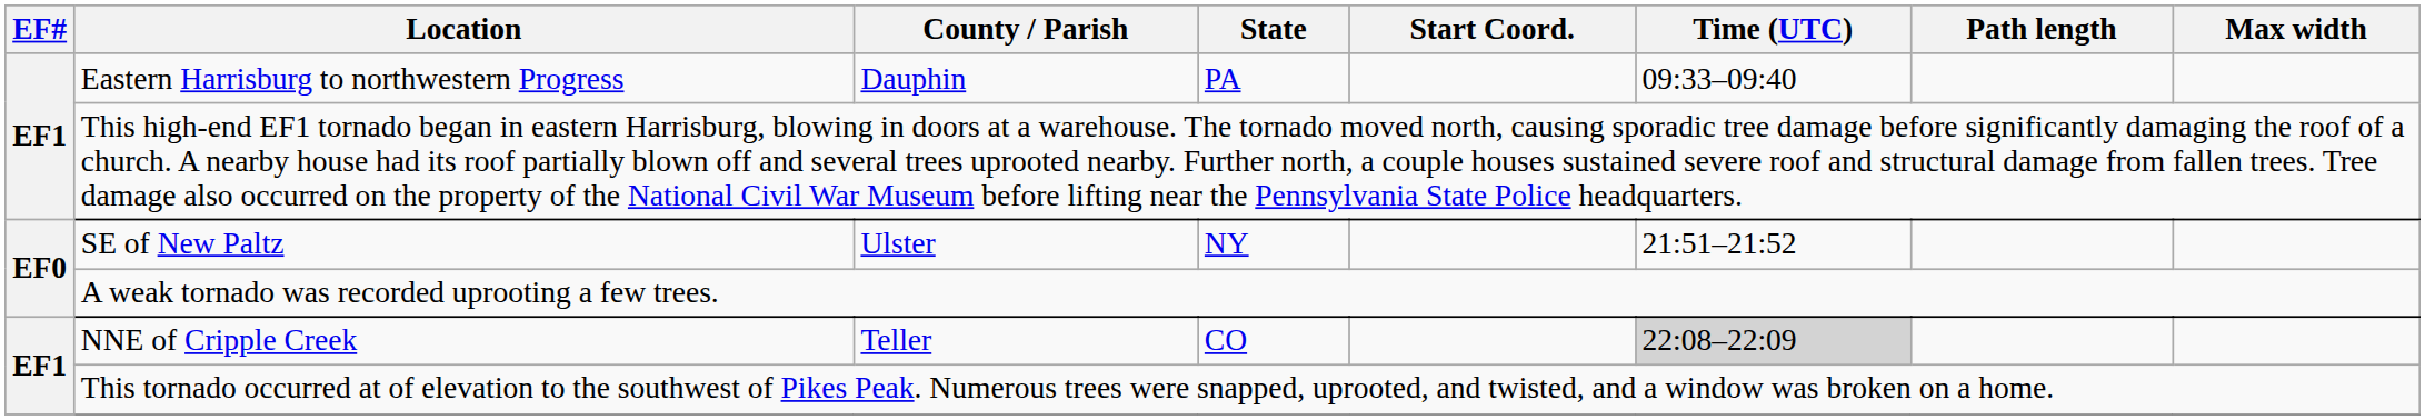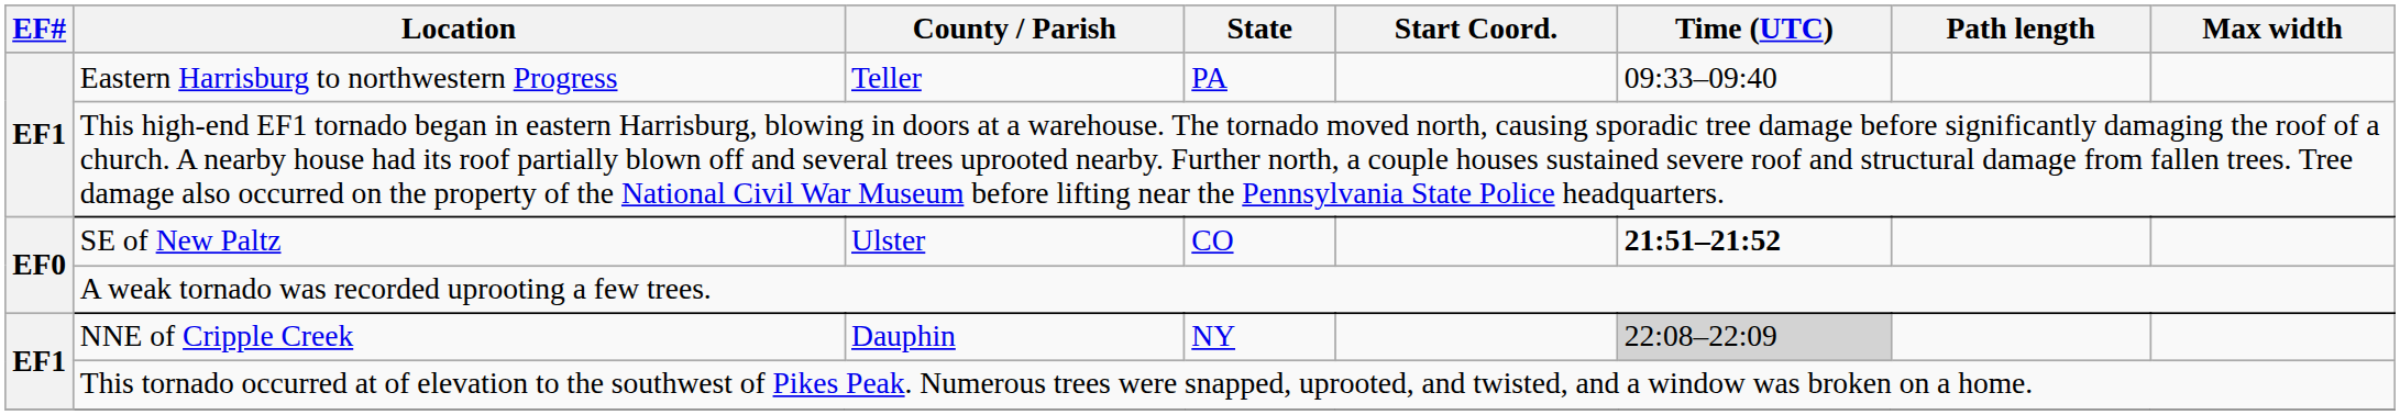 <table class="wikitable sortable" style="width:100%;">
 <tr>
 <th scope="col" width="2%" align="center"><a href='#'>EF#</a></th>
 <th scope="col" align="center" class="unsortable">Location</th>
 <th scope="col" align="center" class="unsortable">County / Parish</th>
 <th scope="col" align="center">State</th>
 <th scope="col" align="center">Start Coord.</th>
 <th scope="col" align="center">Time (<a href='#'>UTC</a>)</th>
 <th scope="col" align="center">Path length</th>
 <th scope="col" align="center">Max width</th>
 </tr>
 <tr>
 <th scope="row" rowspan="2" style="background-color:#">EF1</th>
 <td>Eastern <a href='#'>Harrisburg</a> to northwestern <a href='#'>Progress</a></td>
-<td><a href='#'>Dauphin</a></td>
+<td><a href='#'>Teller</a></td>
 <td><a href='#'>PA</a></td>
 <td></td>
 <td>09:33–09:40</td>
 <td></td>
 <td></td>
 </tr>
 <tr class="expand-child">
 <td colspan="8" style=" border-bottom: 1px solid black;">This high-end EF1 tornado began in eastern Harrisburg, blowing in doors at a warehouse. The tornado moved north, causing sporadic tree damage before significantly damaging the roof of a church. A nearby house had its roof partially blown off and several trees uprooted nearby. Further north, a couple houses sustained severe roof and structural damage from fallen trees. Tree damage also occurred on the property of the <a href='#'>National Civil War Museum</a> before lifting near the <a href='#'>Pennsylvania State Police</a> headquarters.</td>
 </tr>
 <tr>
 <th scope="row" rowspan="2" style="background-color:#">EF0</th>
 <td>SE of <a href='#'>New Paltz</a></td>
 <td><a href='#'>Ulster</a></td>
-<td><a href='#'>NY</a></td>
+<td><a href='#'>CO</a></td>
 <td></td>
-<td>21:51–21:52</td>
+<td><strong>21:51–21:52</strong></td>
 <td></td>
 <td></td>
 </tr>
 <tr class="expand-child">
 <td colspan="8" style=" border-bottom: 1px solid black;">A weak tornado was recorded uprooting a few trees.</td>
 </tr>
 <tr>
 <th scope="row" rowspan="2" style="background-color:#">EF1</th>
 <td>NNE of <a href='#'>Cripple Creek</a></td>
-<td><a href='#'>Teller</a></td>
-<td><a href='#'>CO</a></td>
+<td><a href='#'>Dauphin</a></td>
+<td><a href='#'>NY</a></td>
 <td></td>
 <td style="background: lightgrey;">22:08–22:09</td>
 <td></td>
 <td></td>
 </tr>
 <tr class="expand-child">
 <td colspan="8" style=" border-bottom: 1px solid black;">This tornado occurred at  of elevation to the southwest of <a href='#'>Pikes Peak</a>. Numerous trees were snapped, uprooted, and twisted, and a window was broken on a home.</td>
 </tr>
 <tr>
 </tr>
 </table>
